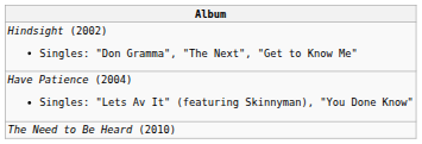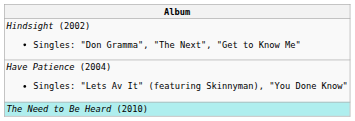 <table class="wikitable">
 <tr>
 <th align="center">Album</th>
 </tr>
 <tr>
 <td align="left"><em>Hindsight</em> (2002)<br><ul><li>Singles: "Don Gramma", "The Next", "Get to Know Me"</li></ul></td>
 </tr>
 <tr>
 <td align="left"><em>Have Patience</em> (2004)<br><ul><li>Singles: "Lets Av It" (featuring Skinnyman), "You Done Know"</li></ul></td>
 </tr>
 <tr>
-<td align="left"><em>The Need to Be Heard</em> (2010)</td>
+<td align="left" style="background: paleturquoise;"><em>The Need to Be Heard</em> (2010)</td>
 </tr>
 </table>
